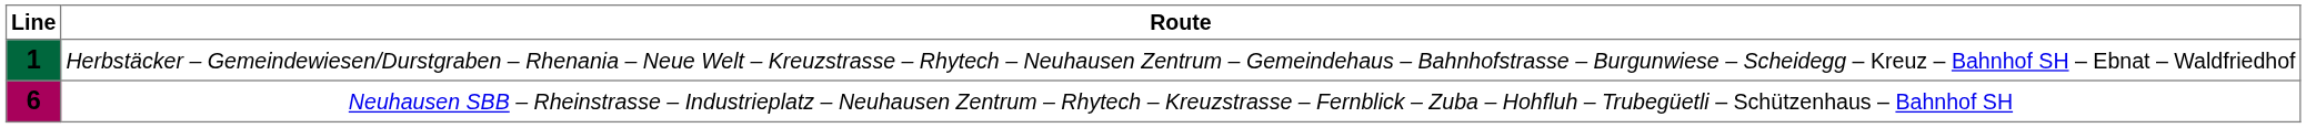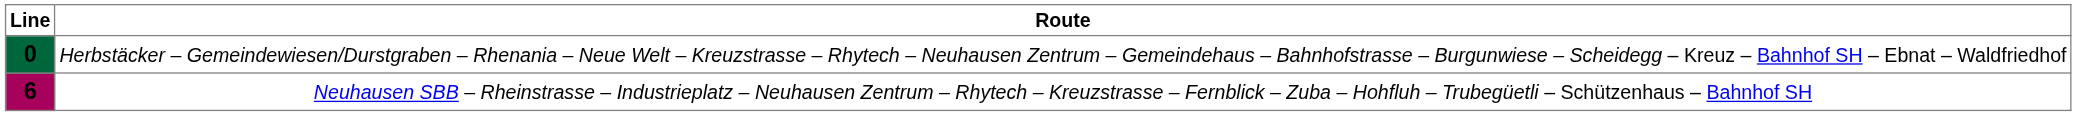 <table border="1" cellspacing="0" cellpadding="3" style="border-collapse:collapse; font-size:95%; margin-left:10px; margin-bottom:5px;">
 <tr>
 <th>Line</th>
 <th>Route</th>
 </tr>
 <tr align=center>
-<td bgcolor=#00673d><span><big><strong>1</strong></big></span></td>
+<td bgcolor=#00673d><span><big><strong>0</strong></big></span></td>
 <td><em>Herbstäcker – Gemeindewiesen/Durstgraben – Rhenania – Neue Welt – Kreuzstrasse – Rhytech – Neuhausen Zentrum – Gemeindehaus – Bahnhofstrasse – Burgunwiese – Scheidegg</em> – Kreuz – <a href='#'>Bahnhof SH</a> – Ebnat – Waldfriedhof</td>
 </tr>
 <tr align=center>
 <td bgcolor=#a8015b><span><big><strong>6</strong></big></span></td>
 <td><em><a href='#'>Neuhausen SBB</a> – Rheinstrasse – Industrieplatz – Neuhausen Zentrum – Rhytech – Kreuzstrasse – Fernblick – Zuba – Hohfluh – Trubegüetli</em> – Schützenhaus – <a href='#'>Bahnhof SH</a></td>
 </tr>
 </table>
